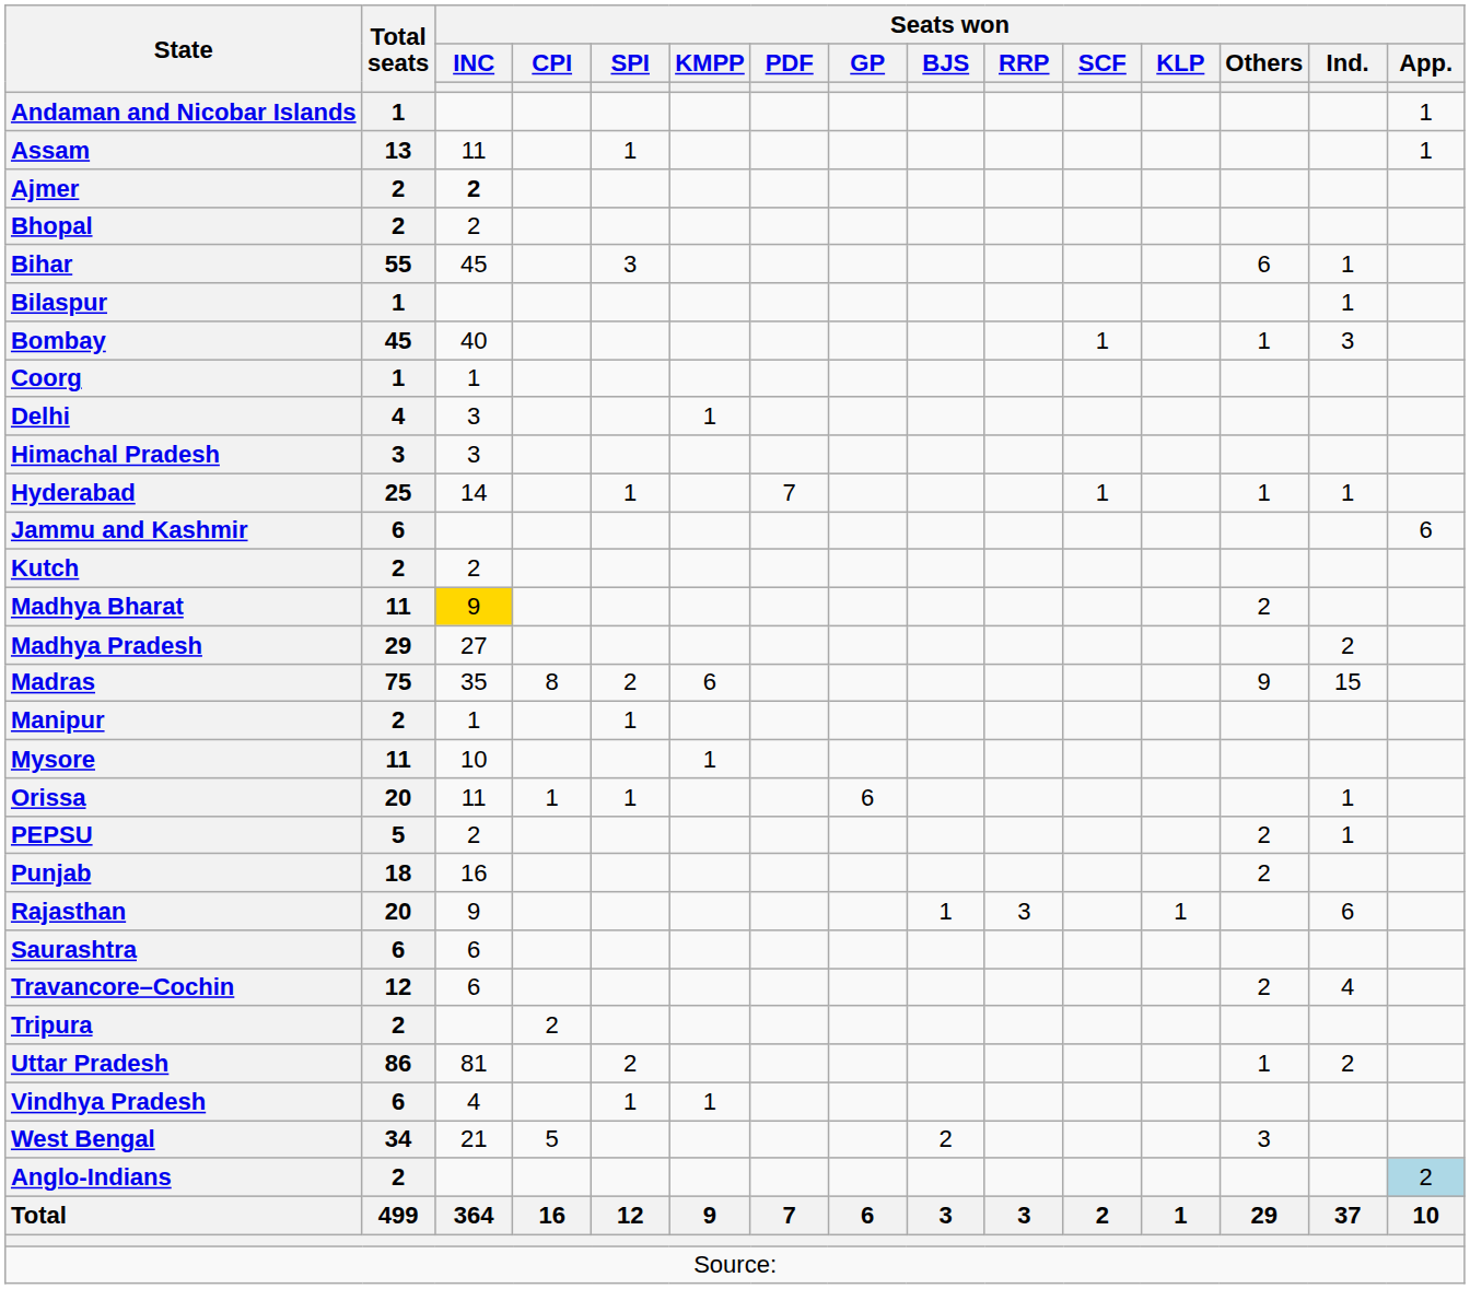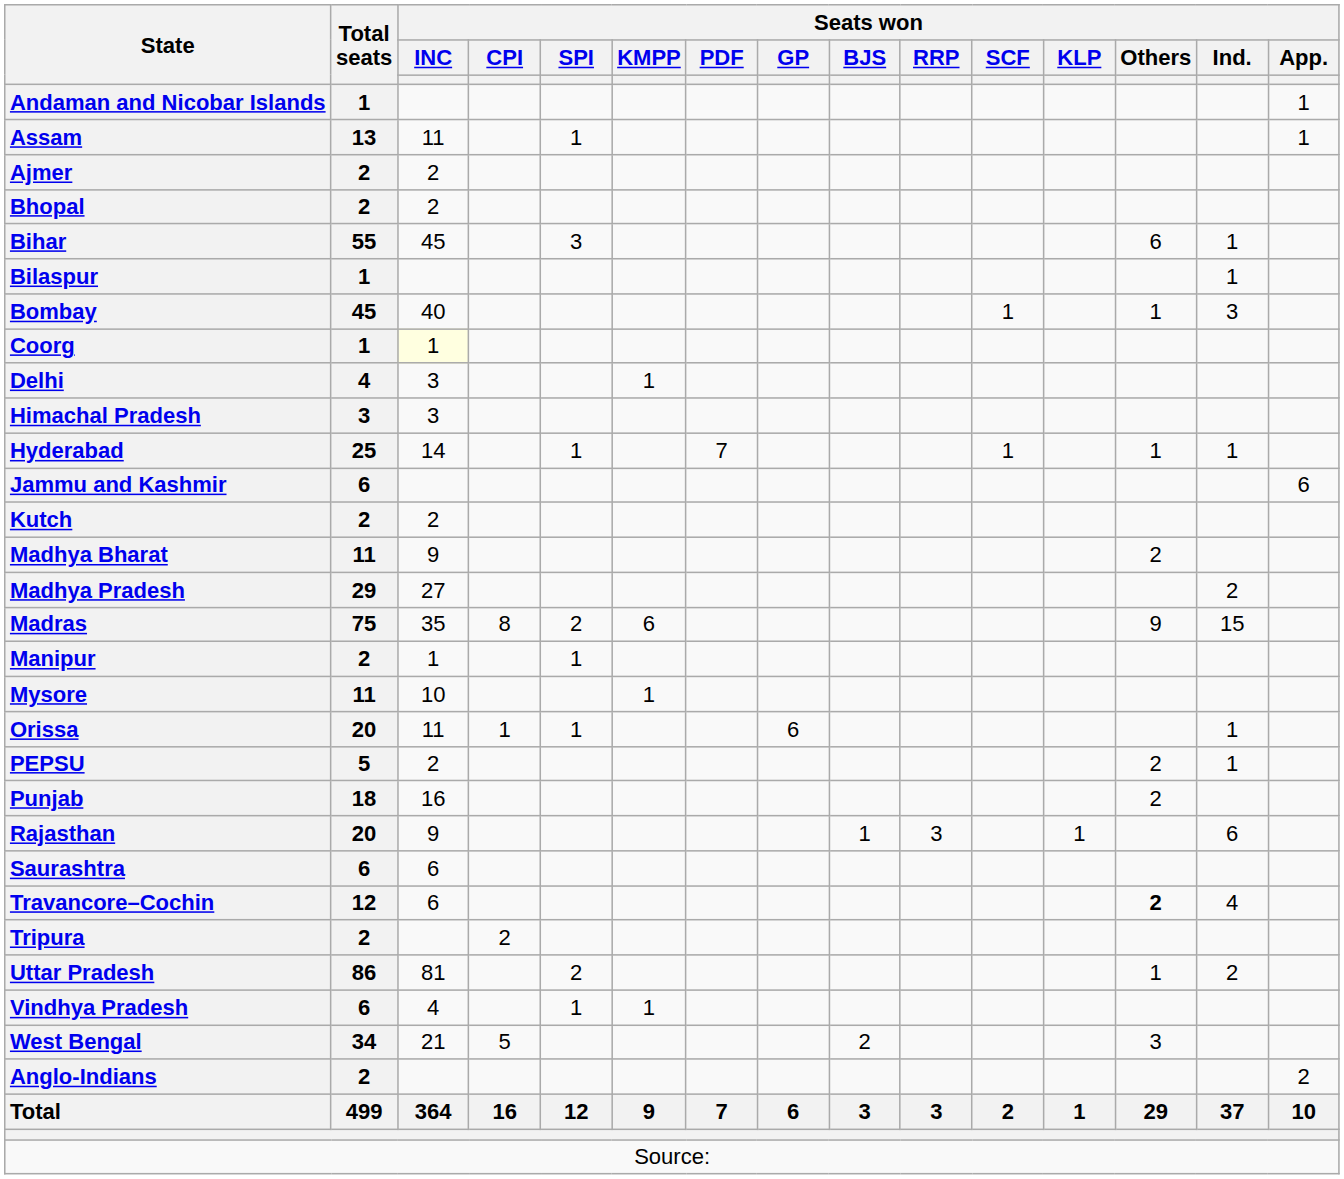 <table class=wikitable style="text-align:center; font-size: 0.9em;">
 <tr>
 <th rowspan="3">State</th>
 <th rowspan="3">Total<br>seats</th>
 <th colspan="13">Seats won</th>
 </tr>
 <tr>
 <th class="unsortable" style="width:40px;"><a href='#'>INC</a></th>
 <th class="unsortable" style="width:40px;"><a href='#'>CPI</a></th>
 <th class="unsortable" style="width:40px;"><a href='#'>SPI</a></th>
 <th class="unsortable" style="width:40px;"><a href='#'>KMPP</a></th>
 <th class="unsortable" style="width:40px;"><a href='#'>PDF</a></th>
 <th class="unsortable" style="width:40px;"><a href='#'>GP</a></th>
 <th class="unsortable" style="width:40px;"><a href='#'>BJS</a></th>
 <th class="unsortable" style="width:40px;"><a href='#'>RRP</a></th>
 <th class="unsortable" style="width:40px;"><a href='#'>SCF</a></th>
 <th class="unsortable" style="width:40px;"><a href='#'>KLP</a></th>
 <th class="unsortable" style="width:40px;">Others</th>
 <th class="unsortable" style="width:40px;">Ind.</th>
 <th class="unsortable" style="width:40px;">App.</th>
 </tr>
 <tr>
 <th style="background:"></th>
 <th style="background:"></th>
 <th style="background:"></th>
 <th style="background:"></th>
 <th style="background:"></th>
 <th style="background:"></th>
 <th style="background:"></th>
 <th style="background:"></th>
 <th style="background:"></th>
 <th style="background:"></th>
 <th style="background:"></th>
 <th style="background:"></th>
 <th></th>
 </tr>
 <tr>
 <th style="text-align: left;"><a href='#'>Andaman and Nicobar Islands</a></th>
 <th>1</th>
 <td></td>
 <td></td>
 <td></td>
 <td></td>
 <td></td>
 <td></td>
 <td></td>
 <td></td>
 <td></td>
 <td></td>
 <td></td>
 <td></td>
 <td>1</td>
 </tr>
 <tr>
 <th style="text-align: left;"><a href='#'>Assam</a></th>
 <th>13</th>
 <td>11</td>
 <td></td>
 <td>1</td>
 <td></td>
 <td></td>
 <td></td>
 <td></td>
 <td></td>
 <td></td>
 <td></td>
 <td></td>
 <td></td>
 <td>1</td>
 </tr>
 <tr>
 <th style="text-align: left;"><a href='#'>Ajmer</a></th>
 <th>2</th>
-<td><strong>2</strong></td>
+<td>2</td>
 <td></td>
 <td></td>
 <td></td>
 <td></td>
 <td></td>
 <td></td>
 <td></td>
 <td></td>
 <td></td>
 <td></td>
 <td></td>
 <td></td>
 </tr>
 <tr>
 <th style="text-align: left;"><a href='#'>Bhopal</a></th>
 <th>2</th>
 <td>2</td>
 <td></td>
 <td></td>
 <td></td>
 <td></td>
 <td></td>
 <td></td>
 <td></td>
 <td></td>
 <td></td>
 <td></td>
 <td></td>
 <td></td>
 </tr>
 <tr>
 <th style="text-align: left;"><a href='#'>Bihar</a></th>
 <th>55</th>
 <td>45</td>
 <td></td>
 <td>3</td>
 <td></td>
 <td></td>
 <td></td>
 <td></td>
 <td></td>
 <td></td>
 <td></td>
 <td>6</td>
 <td>1</td>
 <td></td>
 </tr>
 <tr>
 <th style="text-align: left;"><a href='#'>Bilaspur</a></th>
 <th>1</th>
 <td></td>
 <td></td>
 <td></td>
 <td></td>
 <td></td>
 <td></td>
 <td></td>
 <td></td>
 <td></td>
 <td></td>
 <td></td>
 <td>1</td>
 <td></td>
 </tr>
 <tr>
 <th style="text-align: left;"><a href='#'>Bombay</a></th>
 <th>45</th>
 <td>40</td>
 <td></td>
 <td></td>
 <td></td>
 <td></td>
 <td></td>
 <td></td>
 <td></td>
 <td>1</td>
 <td></td>
 <td>1</td>
 <td>3</td>
 <td></td>
 </tr>
 <tr>
 <th style="text-align: left;"><a href='#'>Coorg</a></th>
 <th>1</th>
-<td>1</td>
+<td style="background: lightyellow;">1</td>
 <td></td>
 <td></td>
 <td></td>
 <td></td>
 <td></td>
 <td></td>
 <td></td>
 <td></td>
 <td></td>
 <td></td>
 <td></td>
 <td></td>
 </tr>
 <tr>
 <th style="text-align: left;"><a href='#'>Delhi</a></th>
 <th>4</th>
 <td>3</td>
 <td></td>
 <td></td>
 <td>1</td>
 <td></td>
 <td></td>
 <td></td>
 <td></td>
 <td></td>
 <td></td>
 <td></td>
 <td></td>
 <td></td>
 </tr>
 <tr>
 <th style="text-align: left;"><a href='#'>Himachal Pradesh</a></th>
 <th>3</th>
 <td>3</td>
 <td></td>
 <td></td>
 <td></td>
 <td></td>
 <td></td>
 <td></td>
 <td></td>
 <td></td>
 <td></td>
 <td></td>
 <td></td>
 <td></td>
 </tr>
 <tr>
 <th style="text-align: left;"><a href='#'>Hyderabad</a></th>
 <th>25</th>
 <td>14</td>
 <td></td>
 <td>1</td>
 <td></td>
 <td>7</td>
 <td></td>
 <td></td>
 <td></td>
 <td>1</td>
 <td></td>
 <td>1</td>
 <td>1</td>
 <td></td>
 </tr>
 <tr>
 <th style="text-align: left;"><a href='#'>Jammu and Kashmir</a></th>
 <th>6</th>
 <td></td>
 <td></td>
 <td></td>
 <td></td>
 <td></td>
 <td></td>
 <td></td>
 <td></td>
 <td></td>
 <td></td>
 <td></td>
 <td></td>
 <td>6</td>
 </tr>
 <tr>
 <th style="text-align: left;"><a href='#'>Kutch</a></th>
 <th>2</th>
 <td>2</td>
 <td></td>
 <td></td>
 <td></td>
 <td></td>
 <td></td>
 <td></td>
 <td></td>
 <td></td>
 <td></td>
 <td></td>
 <td></td>
 <td></td>
 </tr>
 <tr>
 <th style="text-align: left;"><a href='#'>Madhya Bharat</a></th>
 <th>11</th>
-<td style="background: gold;">9</td>
+<td>9</td>
 <td></td>
 <td></td>
 <td></td>
 <td></td>
 <td></td>
 <td></td>
 <td></td>
 <td></td>
 <td></td>
 <td>2</td>
 <td></td>
 <td></td>
 </tr>
 <tr>
 <th style="text-align: left;"><a href='#'>Madhya Pradesh</a></th>
 <th>29</th>
 <td>27</td>
 <td></td>
 <td></td>
 <td></td>
 <td></td>
 <td></td>
 <td></td>
 <td></td>
 <td></td>
 <td></td>
 <td></td>
 <td>2</td>
 <td></td>
 </tr>
 <tr>
 <th style="text-align: left;"><a href='#'>Madras</a></th>
 <th>75</th>
 <td>35</td>
 <td>8</td>
 <td>2</td>
 <td>6</td>
 <td></td>
 <td></td>
 <td></td>
 <td></td>
 <td></td>
 <td></td>
 <td>9</td>
 <td>15</td>
 <td></td>
 </tr>
 <tr>
 <th style="text-align: left;"><a href='#'>Manipur</a></th>
 <th>2</th>
 <td>1</td>
 <td></td>
 <td>1</td>
 <td></td>
 <td></td>
 <td></td>
 <td></td>
 <td></td>
 <td></td>
 <td></td>
 <td></td>
 <td></td>
 <td></td>
 </tr>
 <tr>
 <th style="text-align: left;"><a href='#'>Mysore</a></th>
 <th>11</th>
 <td>10</td>
 <td></td>
 <td></td>
 <td>1</td>
 <td></td>
 <td></td>
 <td></td>
 <td></td>
 <td></td>
 <td></td>
 <td></td>
 <td></td>
 <td></td>
 </tr>
 <tr>
 <th style="text-align: left;"><a href='#'>Orissa</a></th>
 <th>20</th>
 <td>11</td>
 <td>1</td>
 <td>1</td>
 <td></td>
 <td></td>
 <td>6</td>
 <td></td>
 <td></td>
 <td></td>
 <td></td>
 <td></td>
 <td>1</td>
 <td></td>
 </tr>
 <tr>
 <th style="text-align: left;"><a href='#'>PEPSU</a></th>
 <th>5</th>
 <td>2</td>
 <td></td>
 <td></td>
 <td></td>
 <td></td>
 <td></td>
 <td></td>
 <td></td>
 <td></td>
 <td></td>
 <td>2</td>
 <td>1</td>
 <td></td>
 </tr>
 <tr>
 <th style="text-align: left;"><a href='#'>Punjab</a></th>
 <th>18</th>
 <td>16</td>
 <td></td>
 <td></td>
 <td></td>
 <td></td>
 <td></td>
 <td></td>
 <td></td>
 <td></td>
 <td></td>
 <td>2</td>
 <td></td>
 <td></td>
 </tr>
 <tr>
 <th style="text-align: left;"><a href='#'>Rajasthan</a></th>
 <th>20</th>
 <td>9</td>
 <td></td>
 <td></td>
 <td></td>
 <td></td>
 <td></td>
 <td>1</td>
 <td>3</td>
 <td></td>
 <td>1</td>
 <td></td>
 <td>6</td>
 <td></td>
 </tr>
 <tr>
 <th style="text-align: left;"><a href='#'>Saurashtra</a></th>
 <th>6</th>
 <td>6</td>
 <td></td>
 <td></td>
 <td></td>
 <td></td>
 <td></td>
 <td></td>
 <td></td>
 <td></td>
 <td></td>
 <td></td>
 <td></td>
 <td></td>
 </tr>
 <tr>
 <th style="text-align: left;"><a href='#'>Travancore–Cochin</a></th>
 <th>12</th>
 <td>6</td>
 <td></td>
 <td></td>
 <td></td>
 <td></td>
 <td></td>
 <td></td>
 <td></td>
 <td></td>
 <td></td>
-<td>2</td>
+<td><strong>2</strong></td>
 <td>4</td>
 <td></td>
 </tr>
 <tr>
 <th style="text-align: left;"><a href='#'>Tripura</a></th>
 <th>2</th>
 <td></td>
 <td>2</td>
 <td></td>
 <td></td>
 <td></td>
 <td></td>
 <td></td>
 <td></td>
 <td></td>
 <td></td>
 <td></td>
 <td></td>
 <td></td>
 </tr>
 <tr>
 <th style="text-align: left;"><a href='#'>Uttar Pradesh</a></th>
 <th>86</th>
 <td>81</td>
 <td></td>
 <td>2</td>
 <td></td>
 <td></td>
 <td></td>
 <td></td>
 <td></td>
 <td></td>
 <td></td>
 <td>1</td>
 <td>2</td>
 <td></td>
 </tr>
 <tr>
 <th style="text-align: left;"><a href='#'>Vindhya Pradesh</a></th>
 <th>6</th>
 <td>4</td>
 <td></td>
 <td>1</td>
 <td>1</td>
 <td></td>
 <td></td>
 <td></td>
 <td></td>
 <td></td>
 <td></td>
 <td></td>
 <td></td>
 <td></td>
 </tr>
 <tr>
 <th style="text-align: left;"><a href='#'>West Bengal</a></th>
 <th>34</th>
 <td>21</td>
 <td>5</td>
 <td></td>
 <td></td>
 <td></td>
 <td></td>
 <td>2</td>
 <td></td>
 <td></td>
 <td></td>
 <td>3</td>
 <td></td>
 <td></td>
 </tr>
 <tr>
 <th style="text-align: left;"><a href='#'>Anglo-Indians</a></th>
 <th>2</th>
 <td></td>
 <td></td>
 <td></td>
 <td></td>
 <td></td>
 <td></td>
 <td></td>
 <td></td>
 <td></td>
 <td></td>
 <td></td>
 <td></td>
-<td style="background: lightblue;">2</td>
+<td>2</td>
 </tr>
 <tr>
 <th style="text-align: left;">Total</th>
 <th>499</th>
 <th>364</th>
 <th>16</th>
 <th>12</th>
 <th>9</th>
 <th>7</th>
 <th>6</th>
 <th>3</th>
 <th>3</th>
 <th>2</th>
 <th>1</th>
 <th>29</th>
 <th>37</th>
 <th>10</th>
 </tr>
 <tr>
 <th colspan="15"></th>
 </tr>
 <tr>
 <td colspan="15">Source: </td>
 </tr>
 </table>
